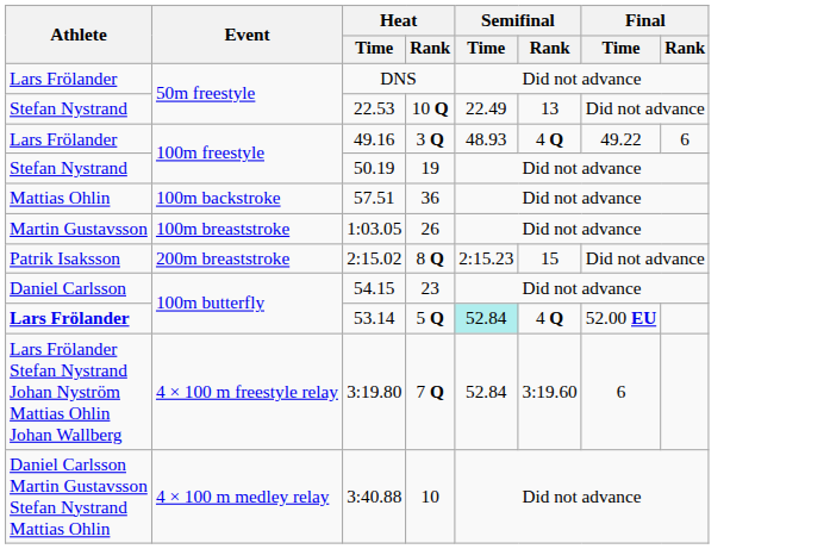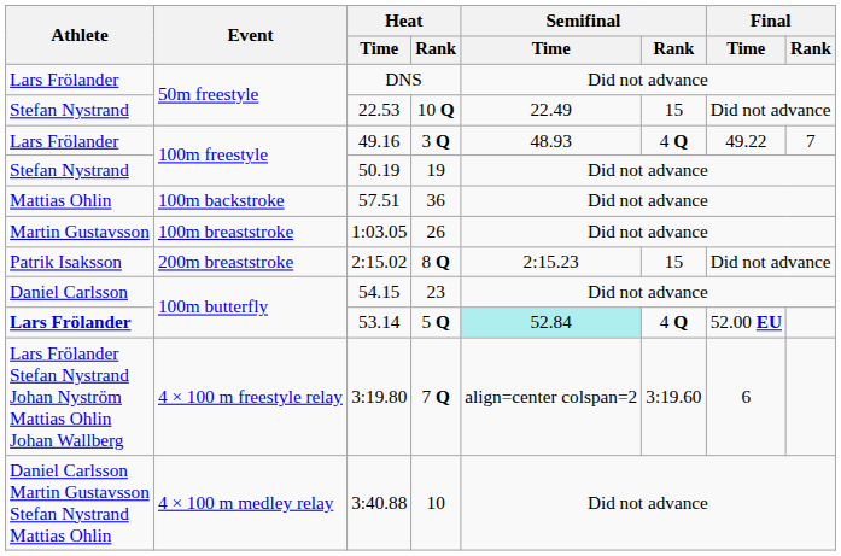 <table class=wikitable style="font-size:90%">
 <tr>
 <th rowspan="2">Athlete</th>
 <th rowspan="2">Event</th>
 <th colspan="2">Heat</th>
 <th colspan="2">Semifinal</th>
 <th colspan="2">Final</th>
 </tr>
 <tr style="font-size:95%">
 <th>Time</th>
 <th>Rank</th>
 <th>Time</th>
 <th>Rank</th>
 <th>Time</th>
 <th>Rank</th>
 </tr>
 <tr>
 <td align=left><a href='#'>Lars Frölander</a></td>
 <td align=left rowspan=2><a href='#'>50m freestyle</a></td>
 <td align=center colspan=2>DNS</td>
 <td align=center colspan=4>Did not advance</td>
 </tr>
 <tr>
 <td align=left><a href='#'>Stefan Nystrand</a></td>
 <td align=center>22.53</td>
 <td align=center>10 <strong>Q</strong></td>
 <td align=center>22.49</td>
-<td align=center>13</td>
+<td align=center>15</td>
 <td align=center colspan=2>Did not advance</td>
 </tr>
 <tr>
 <td align=left><a href='#'>Lars Frölander</a></td>
 <td align=left rowspan=2><a href='#'>100m freestyle</a></td>
 <td align=center>49.16</td>
 <td align=center>3 <strong>Q</strong></td>
 <td align=center>48.93</td>
 <td align=center>4 <strong>Q</strong></td>
 <td align=center>49.22</td>
-<td align=center>6</td>
+<td align=center>7</td>
 </tr>
 <tr>
 <td align=left><a href='#'>Stefan Nystrand</a></td>
 <td align=center>50.19</td>
 <td align=center>19</td>
 <td align=center colspan=4>Did not advance</td>
 </tr>
 <tr>
 <td align=left><a href='#'>Mattias Ohlin</a></td>
 <td align=left><a href='#'>100m backstroke</a></td>
 <td align=center>57.51</td>
 <td align=center>36</td>
 <td align=center colspan=4>Did not advance</td>
 </tr>
 <tr>
 <td align=left><a href='#'>Martin Gustavsson</a></td>
 <td align=left><a href='#'>100m breaststroke</a></td>
 <td align=center>1:03.05</td>
 <td align=center>26</td>
 <td align=center colspan=4>Did not advance</td>
 </tr>
 <tr>
 <td align=left><a href='#'>Patrik Isaksson</a></td>
 <td align=left><a href='#'>200m breaststroke</a></td>
 <td align=center>2:15.02</td>
 <td align=center>8 <strong>Q</strong></td>
 <td align=center>2:15.23</td>
 <td align=center>15</td>
 <td align=center colspan=2>Did not advance</td>
 </tr>
 <tr>
 <td align=left><a href='#'>Daniel Carlsson</a></td>
 <td align=left rowspan=2><a href='#'>100m butterfly</a></td>
 <td align=center>54.15</td>
 <td align=center>23</td>
 <td align=center colspan=4>Did not advance</td>
 </tr>
 <tr>
 <td align=left><strong><a href='#'>Lars Frölander</a></strong></td>
 <td align=center>53.14</td>
 <td align=center>5 <strong>Q</strong></td>
 <td align=center style="background: paleturquoise;">52.84</td>
 <td align=center>4 <strong>Q</strong></td>
 <td align=center>52.00 <strong><a href='#'>EU</a></strong></td>
 <td align=center></td>
 </tr>
 <tr>
 <td align=left><a href='#'>Lars Frölander</a><br> <a href='#'>Stefan Nystrand</a><br> <a href='#'>Johan Nyström</a><br> <a href='#'>Mattias Ohlin</a><br> <a href='#'>Johan Wallberg</a></td>
 <td align=left><a href='#'>4 × 100 m freestyle relay</a></td>
 <td align=center>3:19.80</td>
 <td align=center>7 <strong>Q</strong></td>
-<td align=center>52.84</td>
+<td>align=center colspan=2 </td>
 <td align=center>3:19.60</td>
 <td align=center>6</td>
 </tr>
 <tr>
 <td align=left><a href='#'>Daniel Carlsson</a><br> <a href='#'>Martin Gustavsson</a><br> <a href='#'>Stefan Nystrand</a><br> <a href='#'>Mattias Ohlin</a></td>
 <td align=left><a href='#'>4 × 100 m medley relay</a></td>
 <td align=center>3:40.88</td>
 <td align=center>10</td>
 <td align=center colspan=4>Did not advance</td>
 </tr>
 </table>
